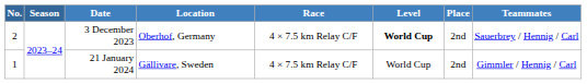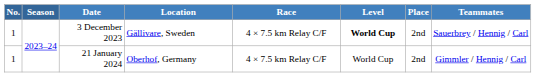 <table class="wikitable sortable" style="font-size:95%; text-align:center; border:grey solid 1px; border-collapse:collapse; background:#ffffff;">
 <tr style="background:#efefef;">
 <th style="background-color:#369; color:white;">No.</th>
 <th style="background-color:#369; color:white;">Season</th>
 <th style="background-color:#4180be; color:white; width:100px;">Date</th>
 <th style="background-color:#4180be; color:white; width:170px;">Location</th>
 <th style="background-color:#4180be; color:white; width:170px;">Race</th>
 <th style="background-color:#4180be; color:white; width:100px;">Level</th>
 <th style="background-color:#4180be; color:white;">Place</th>
 <th style="background-color:#4180be; color:white;">Teammates</th>
 </tr>
 <tr>
-<td align=center>2</td>
+<td align=center>1</td>
 <td rowspan=2 align=center><a href='#'>2023–24</a></td>
 <td align=right>3 December 2023</td>
-<td align=left> <a href='#'>Oberhof</a>, Germany</td>
+<td align=left> <a href='#'>Gällivare</a>, Sweden</td>
 <td>4  × 7.5 km Relay C/F</td>
 <td><strong>World Cup</strong></td>
 <td>2nd</td>
 <td><a href='#'>Sauerbrey</a> / <a href='#'>Hennig</a> / <a href='#'>Carl</a></td>
 </tr>
 <tr>
 <td align=center>1</td>
 <td align=right>21 January 2024</td>
-<td align=left> <a href='#'>Gällivare</a>, Sweden</td>
+<td align=left> <a href='#'>Oberhof</a>, Germany</td>
 <td>4  × 7.5 km Relay C/F</td>
 <td>World Cup</td>
 <td>2nd</td>
 <td><a href='#'>Gimmler</a> / <a href='#'>Hennig</a> / <a href='#'>Carl</a></td>
 </tr>
 </table>
